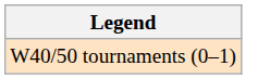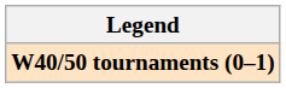 <table class=wikitable style="font-size:85%">
 <tr>
 <th>Legend</th>
 </tr>
 <tr style="background:#ffe4c4;">
-<td>W40/50 tournaments (0–1)</td>
+<td><strong>W40/50 tournaments (0–1)</strong></td>
 </tr>
 </table>
